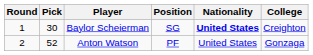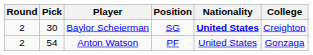 <table class="wikitable sortable sortable">
 <tr>
 <th>Round</th>
 <th>Pick</th>
 <th>Player</th>
 <th>Position</th>
 <th>Nationality</th>
 <th>College</th>
 </tr>
 <tr style="text-align: center">
-<td>1</td>
+<td>2</td>
 <td>30</td>
 <td><a href='#'>Baylor Scheierman</a></td>
 <td><a href='#'>SG</a></td>
 <td><strong> <a href='#'>United States</a></strong></td>
 <td><a href='#'>Creighton</a></td>
 </tr>
 <tr style="text-align: center">
 <td>2</td>
-<td>52</td>
+<td>54</td>
 <td><a href='#'>Anton Watson</a></td>
 <td><a href='#'>PF</a></td>
 <td> <a href='#'>United States</a></td>
 <td><a href='#'>Gonzaga</a></td>
 </tr>
 </table>
